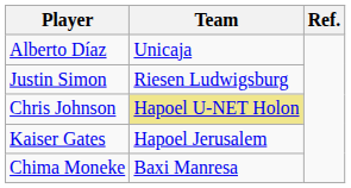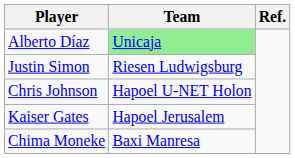 <table class="wikitable">
 <tr>
 <th>Player</th>
 <th>Team</th>
 <th>Ref.</th>
 </tr>
 <tr>
 <td> <a href='#'>Alberto Díaz</a></td>
-<td> <a href='#'>Unicaja</a></td>
+<td style="background: lightgreen;"> <a href='#'>Unicaja</a></td>
 <td rowspan="5"></td>
 </tr>
 <tr>
 <td> <a href='#'>Justin Simon</a></td>
 <td> <a href='#'>Riesen Ludwigsburg</a></td>
 </tr>
 <tr>
 <td> <a href='#'>Chris Johnson</a></td>
-<td style="background: khaki;"> <a href='#'>Hapoel U-NET Holon</a></td>
+<td> <a href='#'>Hapoel U-NET Holon</a></td>
 </tr>
 <tr>
 <td> <a href='#'>Kaiser Gates</a></td>
 <td> <a href='#'>Hapoel Jerusalem</a></td>
 </tr>
 <tr>
 <td> <a href='#'>Chima Moneke</a></td>
 <td> <a href='#'>Baxi Manresa</a></td>
 </tr>
 </table>
